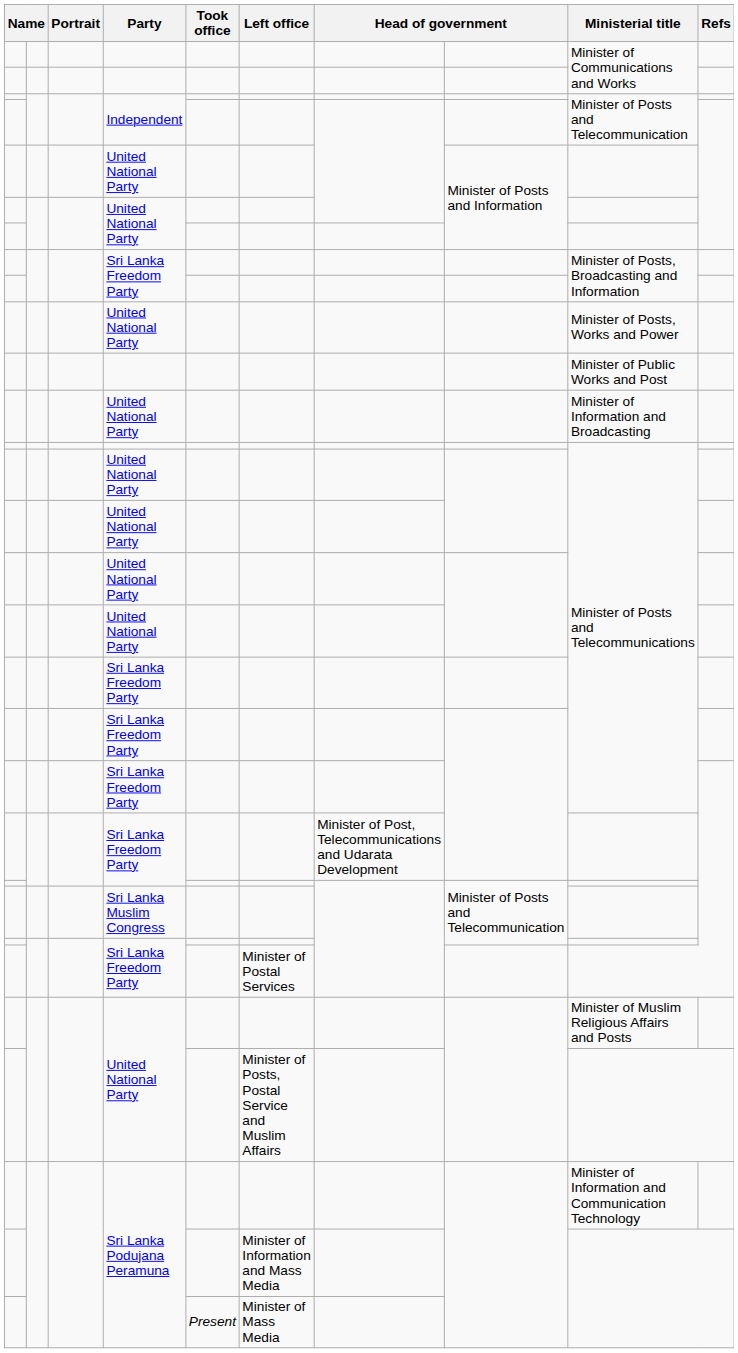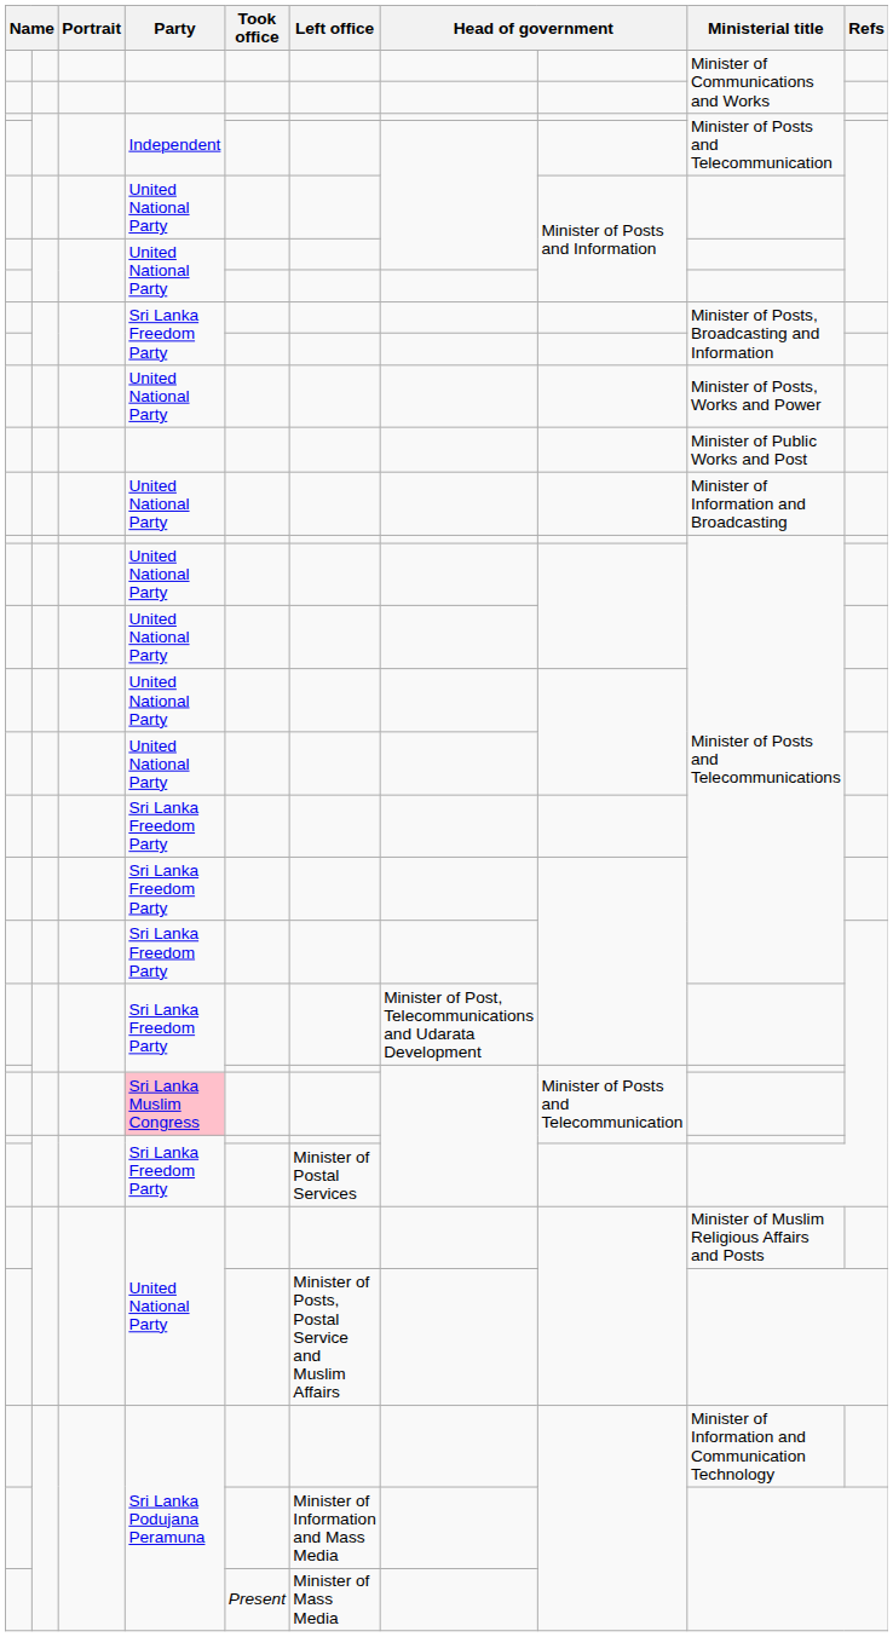 <table class="wikitable plainrowheaders sortable" style="font-size:90%; text-align:left;">
 <tr>
 <th scope=col colspan="2">Name</th>
 <th scope=col class=unsortable>Portrait</th>
 <th scope=col>Party</th>
 <th scope=col>Took office</th>
 <th scope=col>Left office</th>
 <th scope=col colspan="2">Head of government</th>
 <th scope=col width=300px>Ministerial title</th>
 <th scope=col width=50px class=unsortable>Refs</th>
 </tr>
 <tr>
 <td></td>
 <td></td>
 <td></td>
 <td></td>
 <td align=center></td>
 <td align=center></td>
 <td></td>
 <td></td>
 <td rowspan=2>Minister of Communications and Works</td>
 <td align=center></td>
 </tr>
 <tr>
 <td></td>
 <td></td>
 <td></td>
 <td></td>
 <td align=center></td>
 <td align=center></td>
 <td></td>
 <td></td>
 <td align=center></td>
 </tr>
 <tr>
 <td !align="center" style="background:"></td>
 <td rowspan=2></td>
 <td rowspan=2></td>
 <td rowspan=2><a href='#'>Independent</a></td>
 <td align=center></td>
 <td align=center></td>
 <td !align="center" style="background:"></td>
 <td></td>
 <td rowspan=2>Minister of Posts and Telecommunication</td>
 <td align=center></td>
 </tr>
 <tr>
 <td></td>
 <td align=center></td>
 <td !align="center" style="background:"></td>
 <td rowspan=3></td>
 <td align=center></td>
 </tr>
 <tr>
 <td !align="center" style="background:"></td>
 <td></td>
 <td></td>
 <td><a href='#'>United National Party</a></td>
 <td align=center></td>
 <td align=center></td>
 <td rowspan=3>Minister of Posts and Information</td>
 <td align=center></td>
 </tr>
 <tr>
 <td !align="center" style="background:"></td>
 <td rowspan=2></td>
 <td rowspan=2></td>
 <td rowspan=2><a href='#'>United National Party</a></td>
 <td align=center></td>
 <td></td>
 <td align=center></td>
 </tr>
 <tr>
 <td></td>
 <td align=center></td>
 <td !align="center" style="background:"></td>
 <td></td>
 <td align=center></td>
 </tr>
 <tr>
 <td !align="center" style="background:"></td>
 <td rowspan=2></td>
 <td rowspan=2></td>
 <td rowspan=2><a href='#'>Sri Lanka Freedom Party</a></td>
 <td align=center></td>
 <td align=center></td>
 <td !align="center" style="background:"></td>
 <td></td>
 <td rowspan=2>Minister of Posts, Broadcasting and Information</td>
 <td align=center></td>
 </tr>
 <tr>
 <td></td>
 <td></td>
 <td !align="center" style="background:"></td>
 <td></td>
 <td align=center></td>
 </tr>
 <tr>
 <td !align="center" style="background:"></td>
 <td></td>
 <td></td>
 <td><a href='#'>United National Party</a></td>
 <td align=center></td>
 <td align=center></td>
 <td !align="center" style="background:"></td>
 <td></td>
 <td>Minister of Posts, Works and Power</td>
 <td align=center></td>
 </tr>
 <tr>
 <td></td>
 <td></td>
 <td></td>
 <td></td>
 <td align=center></td>
 <td align=center></td>
 <td !align="center" style="background:"></td>
 <td></td>
 <td>Minister of Public Works and Post</td>
 <td align=center></td>
 </tr>
 <tr>
 <td !align="center" style="background:"></td>
 <td></td>
 <td></td>
 <td><a href='#'>United National Party</a></td>
 <td align=center></td>
 <td align=center></td>
 <td !align="center" style="background:"></td>
 <td></td>
 <td>Minister of Information and Broadcasting</td>
 <td align=center></td>
 </tr>
 <tr>
 <td></td>
 <td></td>
 <td></td>
 <td></td>
 <td align=center></td>
 <td></td>
 <td !align="center" style="background:"></td>
 <td></td>
 <td rowspan=8>Minister of Posts and Telecommunications</td>
 <td align=center></td>
 </tr>
 <tr>
 <td !align="center" style="background:"></td>
 <td></td>
 <td></td>
 <td><a href='#'>United National Party</a></td>
 <td align=center></td>
 <td align=center></td>
 <td !align="center" style="background:"></td>
 <td rowspan=2></td>
 <td align=center></td>
 </tr>
 <tr>
 <td !align="center" style="background:"></td>
 <td></td>
 <td></td>
 <td><a href='#'>United National Party</a></td>
 <td></td>
 <td align=center></td>
 <td align=center></td>
 </tr>
 <tr>
 <td !align="center" style="background:"></td>
 <td></td>
 <td></td>
 <td><a href='#'>United National Party</a></td>
 <td align=center></td>
 <td align=center></td>
 <td !align="center" style="background:"></td>
 <td rowspan=2></td>
 <td align=center></td>
 </tr>
 <tr>
 <td !align="center" style="background:"></td>
 <td></td>
 <td></td>
 <td><a href='#'>United National Party</a></td>
 <td align=center></td>
 <td></td>
 <td align=center></td>
 </tr>
 <tr>
 <td !align="center" style="background:"></td>
 <td></td>
 <td align=center></td>
 <td><a href='#'>Sri Lanka Freedom Party</a></td>
 <td align=center></td>
 <td></td>
 <td !align="center" style="background:"></td>
 <td></td>
 <td align=center></td>
 </tr>
 <tr>
 <td !align="center" style="background:"></td>
 <td></td>
 <td></td>
 <td><a href='#'>Sri Lanka Freedom Party</a></td>
 <td align=center></td>
 <td></td>
 <td !align="center" style="background:"></td>
 <td rowspan=3></td>
 <td align=center></td>
 </tr>
 <tr>
 <td !align="center" style="background:"></td>
 <td></td>
 <td></td>
 <td><a href='#'>Sri Lanka Freedom Party</a></td>
 <td align=center></td>
 <td></td>
 <td align=center></td>
 </tr>
 <tr>
 <td !align="center" style="background:"></td>
 <td rowspan=2></td>
 <td rowspan=2></td>
 <td rowspan=2><a href='#'>Sri Lanka Freedom Party</a></td>
 <td align=center></td>
 <td align=center></td>
 <td>Minister of Post, Telecommunications and Udarata Development</td>
 <td align=center></td>
 </tr>
 <tr>
 <td align=center></td>
 <td align=center></td>
 <td !align="center" style="background:"></td>
 <td rowspan=4></td>
 <td rowspan=3>Minister of Posts and Telecommunication</td>
 <td align=center></td>
 </tr>
 <tr>
 <td !align="center" style="background:"></td>
 <td></td>
 <td align=center></td>
-<td><a href='#'>Sri Lanka Muslim Congress</a></td>
+<td style="background: pink;"><a href='#'>Sri Lanka Muslim Congress</a></td>
 <td align=center></td>
 <td align=center></td>
 <td align=center></td>
 </tr>
 <tr>
 <td !align="center" style="background:"></td>
 <td rowspan=2></td>
 <td rowspan=2></td>
 <td rowspan=2><a href='#'>Sri Lanka Freedom Party</a></td>
 <td align=center></td>
 <td align=center></td>
 <td align=center></td>
 </tr>
 <tr>
 <td align=center></td>
 <td align=center></td>
 <td>Minister of Postal Services</td>
 <td align=center></td>
 </tr>
 <tr>
 <td !align="center" style="background:"></td>
 <td rowspan=2></td>
 <td rowspan=2></td>
 <td rowspan=2><a href='#'>United National Party</a></td>
 <td align=center></td>
 <td align=center></td>
 <td !align="center" style="background:"></td>
 <td rowspan=2></td>
 <td>Minister of Muslim Religious Affairs and Posts</td>
 <td align=center></td>
 </tr>
 <tr>
 <td align=center></td>
 <td></td>
 <td>Minister of Posts, Postal Service and Muslim Affairs</td>
 <td align=center></td>
 </tr>
 <tr>
 <td !align="center" style="background:"></td>
 <td rowspan=3></td>
 <td rowspan=3></td>
 <td rowspan=3><a href='#'>Sri Lanka Podujana Peramuna</a></td>
 <td align=center></td>
 <td align=center></td>
 <td !align="center" style="background:"></td>
 <td rowspan=3></td>
 <td>Minister of Information and Communication Technology</td>
 <td align=center></td>
 </tr>
 <tr>
 <td align=center></td>
 <td></td>
 <td>Minister of Information and Mass Media</td>
 <td align=center></td>
 </tr>
 <tr>
 <td align=center></td>
 <td align=center><em>Present</em></td>
 <td>Minister of Mass Media</td>
 <td></td>
 </tr>
 </table>
